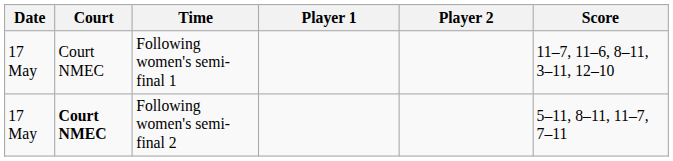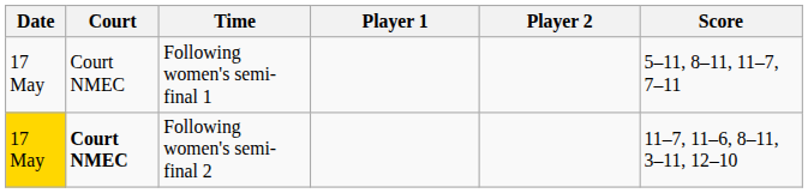 <table class="sortable wikitable" style="font-size:90%">
 <tr>
 <th width="45" class="unsortable">Date</th>
 <th width="75">Court</th>
 <th width="135">Time</th>
 <th width="165">Player 1</th>
 <th width="155">Player 2</th>
 <th width="160" class="unsortable">Score</th>
 </tr>
 <tr>
 <td>17 May</td>
 <td>Court NMEC</td>
 <td>Following women's semi-final 1</td>
 <td></td>
 <td><strong></strong></td>
-<td>11–7, 11–6, 8–11, 3–11, 12–10</td>
+<td>5–11, 8–11, 11–7, 7–11</td>
 </tr>
 <tr>
-<td>17 May</td>
+<td style="background: gold;">17 May</td>
 <td><strong>Court NMEC</strong></td>
 <td>Following women's semi-final 2</td>
 <td><strong></strong></td>
 <td></td>
-<td>5–11, 8–11, 11–7, 7–11</td>
+<td>11–7, 11–6, 8–11, 3–11, 12–10</td>
 </tr>
 </table>
